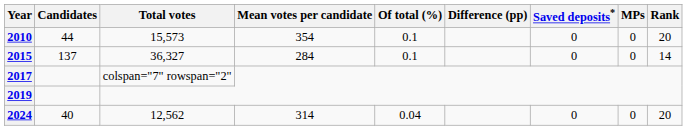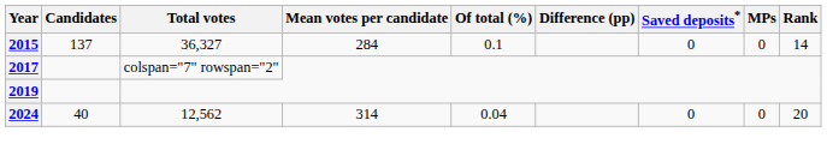 <table class="wikitable sortable" style="text-align:center;">
 <tr>
 <th>Year</th>
 <th>Candidates</th>
 <th>Total votes</th>
 <th>Mean votes per candidate</th>
 <th>Of total (%)</th>
 <th>Differ­ence (pp)</th>
 <th><a href='#'>Saved deposits</a><sup><strong>*</strong></sup></th>
 <th>MPs</th>
 <th>Rank</th>
-</tr>
-<tr>
-<th style="text-align:left;"><a href='#'>2010</a></th>
-<td>44</td>
-<td>15,573</td>
-<td>354</td>
-<td>0.1</td>
-<td></td>
-<td>0</td>
-<td>0</td>
-<td>20</td>
 </tr>
 <tr>
 <th style="text-align:left;"><a href='#'>2015</a></th>
 <td>137</td>
 <td>36,327</td>
 <td>284</td>
 <td>0.1</td>
 <td></td>
 <td>0</td>
 <td>0</td>
 <td>14</td>
 </tr>
 <tr>
 <th style="text-align:left;"><a href='#'>2017</a></th>
 <td></td>
 <td>colspan="7" rowspan="2"   </td>
 </tr>
 <tr>
 <th style="text-align:left;"><a href='#'>2019</a></th>
 <td></td>
 </tr>
 <tr>
 <th style="text-align:left;"><a href='#'>2024</a></th>
 <td>40</td>
 <td>12,562</td>
 <td>314</td>
 <td>0.04</td>
 <td></td>
 <td>0</td>
 <td>0</td>
 <td>20</td>
 </tr>
 </table>
